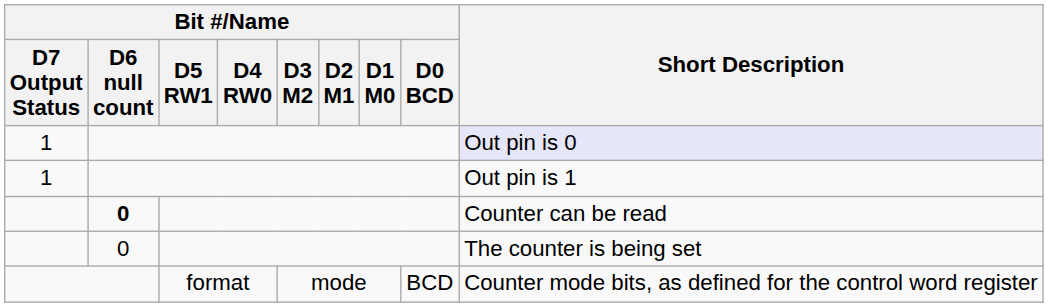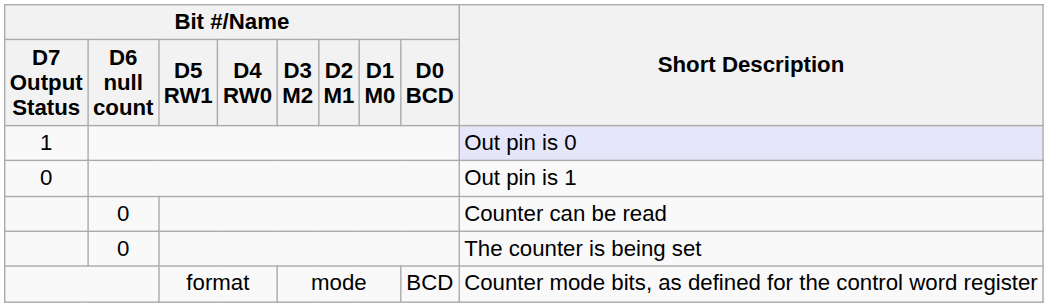 <table class="wikitable" style="text-align: center;">
 <tr>
 <th colspan=8>Bit #/Name</th>
 <th rowspan=2>Short Description</th>
 </tr>
 <tr>
 <th>D7<br>Output<br>Status</th>
 <th>D6<br>null<br>count</th>
 <th>D5<br>RW1</th>
 <th>D4<br>RW0</th>
 <th>D3<br>M2</th>
 <th>D2<br>M1</th>
 <th>D1<br>M0</th>
 <th>D0<br>BCD</th>
 </tr>
 <tr>
 <td>1</td>
 <td colspan=7></td>
 <td align=left style="background: lavender;">Out pin is 0</td>
 </tr>
 <tr>
-<td>1</td>
+<td>0</td>
 <td colspan=7></td>
 <td align=left>Out pin is 1</td>
 </tr>
 <tr>
 <td></td>
-<td><strong>0</strong></td>
+<td>0</td>
 <td colspan=6></td>
 <td align=left>Counter can be read</td>
 </tr>
 <tr>
 <td></td>
 <td>0</td>
 <td colspan=6></td>
 <td align=left>The counter is being set</td>
 </tr>
 <tr>
 <td colspan=2></td>
 <td colspan=2>format</td>
 <td colspan=3>mode</td>
 <td>BCD</td>
 <td align=left>Counter mode bits, as defined for the control word register</td>
 </tr>
 </table>
